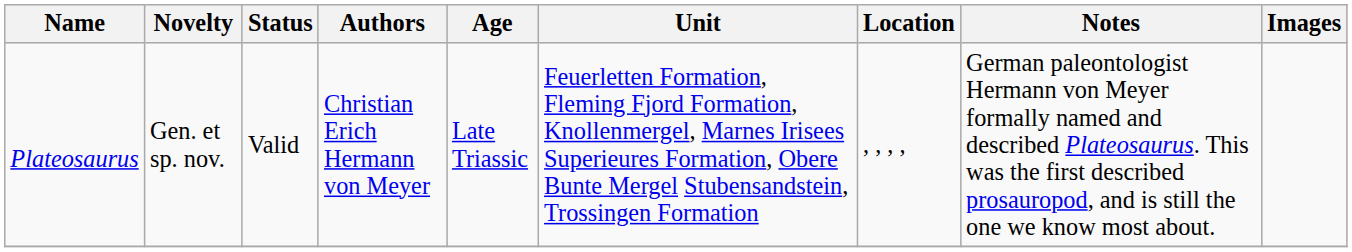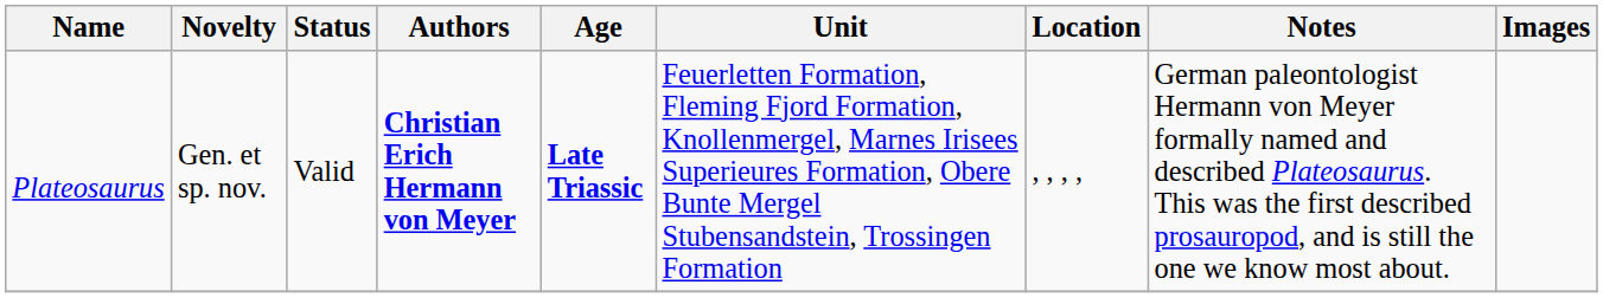 <table class="wikitable sortable" align="center" width="100%">
 <tr>
 <th>Name</th>
 <th>Novelty</th>
 <th>Status</th>
 <th>Authors</th>
 <th>Age</th>
 <th>Unit</th>
 <th>Location</th>
 <th>Notes</th>
 <th>Images</th>
 </tr>
 <tr>
 <td><br><em><a href='#'>Plateosaurus</a></em></td>
 <td>Gen. et sp. nov.</td>
 <td>Valid</td>
-<td><a href='#'>Christian Erich Hermann von Meyer</a></td>
-<td><a href='#'>Late Triassic</a></td>
+<td><strong><a href='#'>Christian Erich Hermann von Meyer</a></strong></td>
+<td><strong><a href='#'>Late Triassic</a></strong></td>
 <td><a href='#'>Feuerletten Formation</a>, <a href='#'>Fleming Fjord Formation</a>, <a href='#'>Knollenmergel</a>, <a href='#'>Marnes Irisees Superieures Formation</a>, <a href='#'>Obere Bunte Mergel</a> <a href='#'>Stubensandstein</a>, <a href='#'>Trossingen Formation</a></td>
 <td>, , , , </td>
 <td>German paleontologist Hermann von Meyer formally named and described <em><a href='#'>Plateosaurus</a></em>. This was the first described <a href='#'>prosauropod</a>, and is still the one we know most about.</td>
 <td></td>
 </tr>
 <tr>
 </tr>
 </table>
